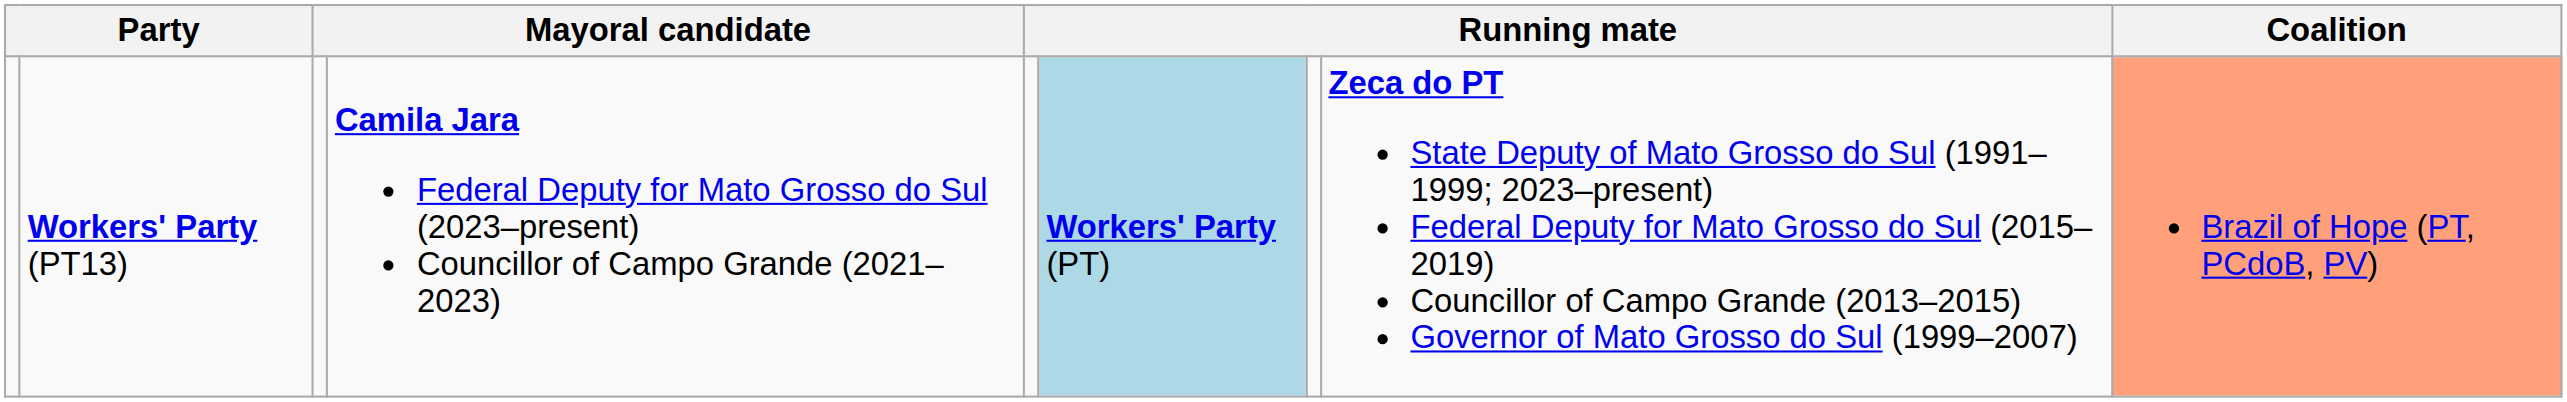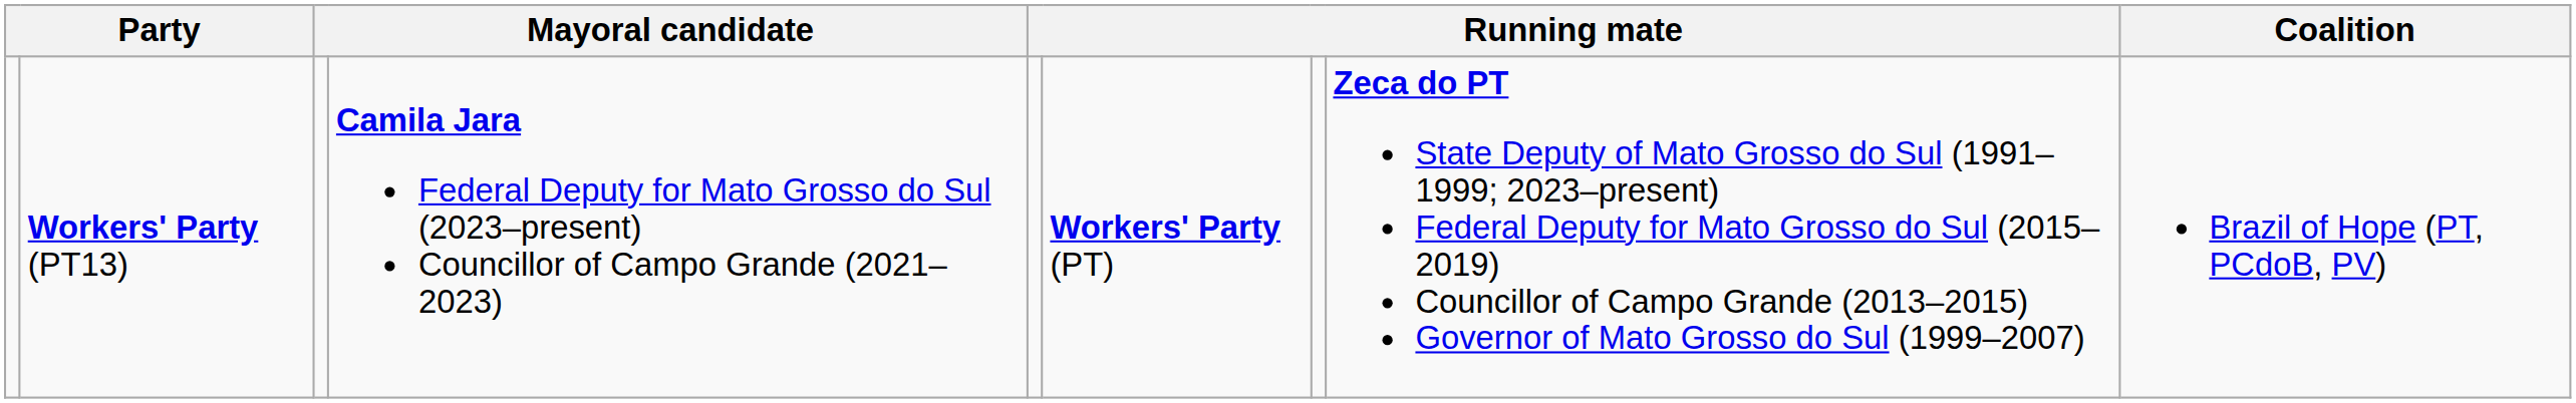 <table class="vertical-align-top wikitable">
 <tr>
 <th colspan="2" scope="colgroup">Party</th>
 <th colspan="2" scope="colgroup">Mayoral candidate</th>
 <th colspan="4">Running mate</th>
 <th scope="col">Coalition</th>
 </tr>
 <tr>
 <td style="background:"></td>
 <td><br><strong><a href='#'>Workers' Party</a></strong> (PT13)</td>
 <td></td>
 <td><strong><a href='#'>Camila Jara</a></strong><br><ul><li><a href='#'>Federal Deputy for Mato Grosso do Sul</a> (2023–present)</li><li>Councillor of Campo Grande (2021–2023)</li></ul></td>
 <td style="background:"></td>
-<td style="background: lightblue;"><br><strong><a href='#'>Workers' Party</a></strong> (PT)</td>
+<td><br><strong><a href='#'>Workers' Party</a></strong> (PT)</td>
 <td></td>
 <td><strong><a href='#'>Zeca do PT</a></strong><br><ul><li><a href='#'>State Deputy of Mato Grosso do Sul</a> (1991–1999; 2023–present)</li><li><a href='#'>Federal Deputy for Mato Grosso do Sul</a> (2015–2019)</li><li>Councillor of Campo Grande (2013–2015)</li><li><a href='#'>Governor of Mato Grosso do Sul</a> (1999–2007)</li></ul></td>
-<td style="background: lightsalmon;"><br><ul><li><a href='#'>Brazil of Hope</a> (<a href='#'>PT</a>, <a href='#'>PCdoB</a>, <a href='#'>PV</a>)</li></ul></td>
+<td><br><ul><li><a href='#'>Brazil of Hope</a> (<a href='#'>PT</a>, <a href='#'>PCdoB</a>, <a href='#'>PV</a>)</li></ul></td>
 </tr>
 </table>
